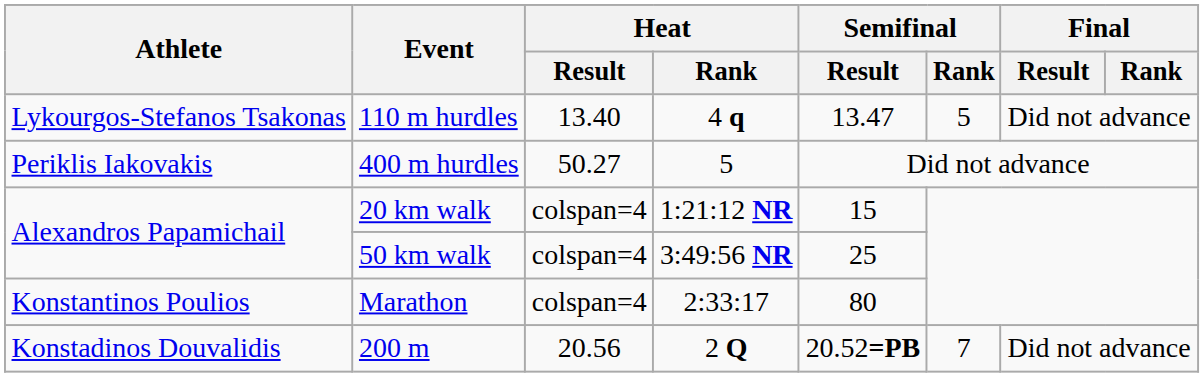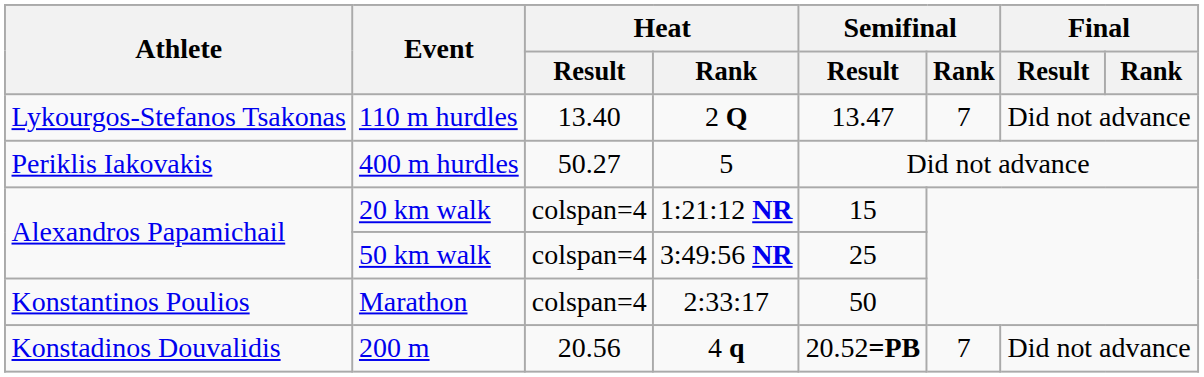 <table class="wikitable" style="font-size:90%">
 <tr>
 <th rowspan="2">Athlete</th>
 <th rowspan="2">Event</th>
 <th colspan="2">Heat</th>
 <th colspan="2">Semifinal</th>
 <th colspan="2">Final</th>
 </tr>
 <tr style="font-size:95%">
 <th>Result</th>
 <th>Rank</th>
 <th>Result</th>
 <th>Rank</th>
 <th>Result</th>
 <th>Rank</th>
 </tr>
 <tr align=center>
 <td align=left><a href='#'>Lykourgos-Stefanos Tsakonas</a></td>
 <td align=left><a href='#'>110 m hurdles</a></td>
 <td>13.40</td>
-<td>4 <strong>q</strong></td>
+<td>2 <strong>Q</strong></td>
 <td>13.47</td>
-<td>5</td>
+<td>7</td>
 <td colspan=2>Did not advance</td>
 </tr>
 <tr align=center>
 <td align=left><a href='#'>Periklis Iakovakis</a></td>
 <td align=left><a href='#'>400 m hurdles</a></td>
 <td>50.27</td>
 <td>5</td>
 <td colspan=4>Did not advance</td>
 </tr>
 <tr align=center>
 <td align=left rowspan=2><a href='#'>Alexandros Papamichail</a></td>
 <td align=left><a href='#'>20 km walk</a></td>
 <td>colspan=4 </td>
 <td>1:21:12 <strong><a href='#'>NR</a></strong></td>
 <td>15</td>
 </tr>
 <tr align=center>
 <td align=left><a href='#'>50 km walk</a></td>
 <td>colspan=4 </td>
 <td>3:49:56 <strong><a href='#'>NR</a></strong></td>
 <td>25</td>
 </tr>
 <tr align=center>
 <td align=left><a href='#'>Konstantinos Poulios</a></td>
 <td align=left><a href='#'>Marathon</a></td>
 <td>colspan=4 </td>
 <td>2:33:17</td>
-<td>80</td>
+<td>50</td>
 </tr>
 <tr align=center>
 <td align=left><a href='#'>Konstadinos Douvalidis</a></td>
 <td align=left><a href='#'>200 m</a></td>
 <td>20.56</td>
-<td>2 <strong>Q</strong></td>
+<td>4 <strong>q</strong></td>
 <td>20.52<strong>=PB</strong></td>
 <td>7</td>
 <td colspan=2>Did not advance</td>
 </tr>
 </table>
